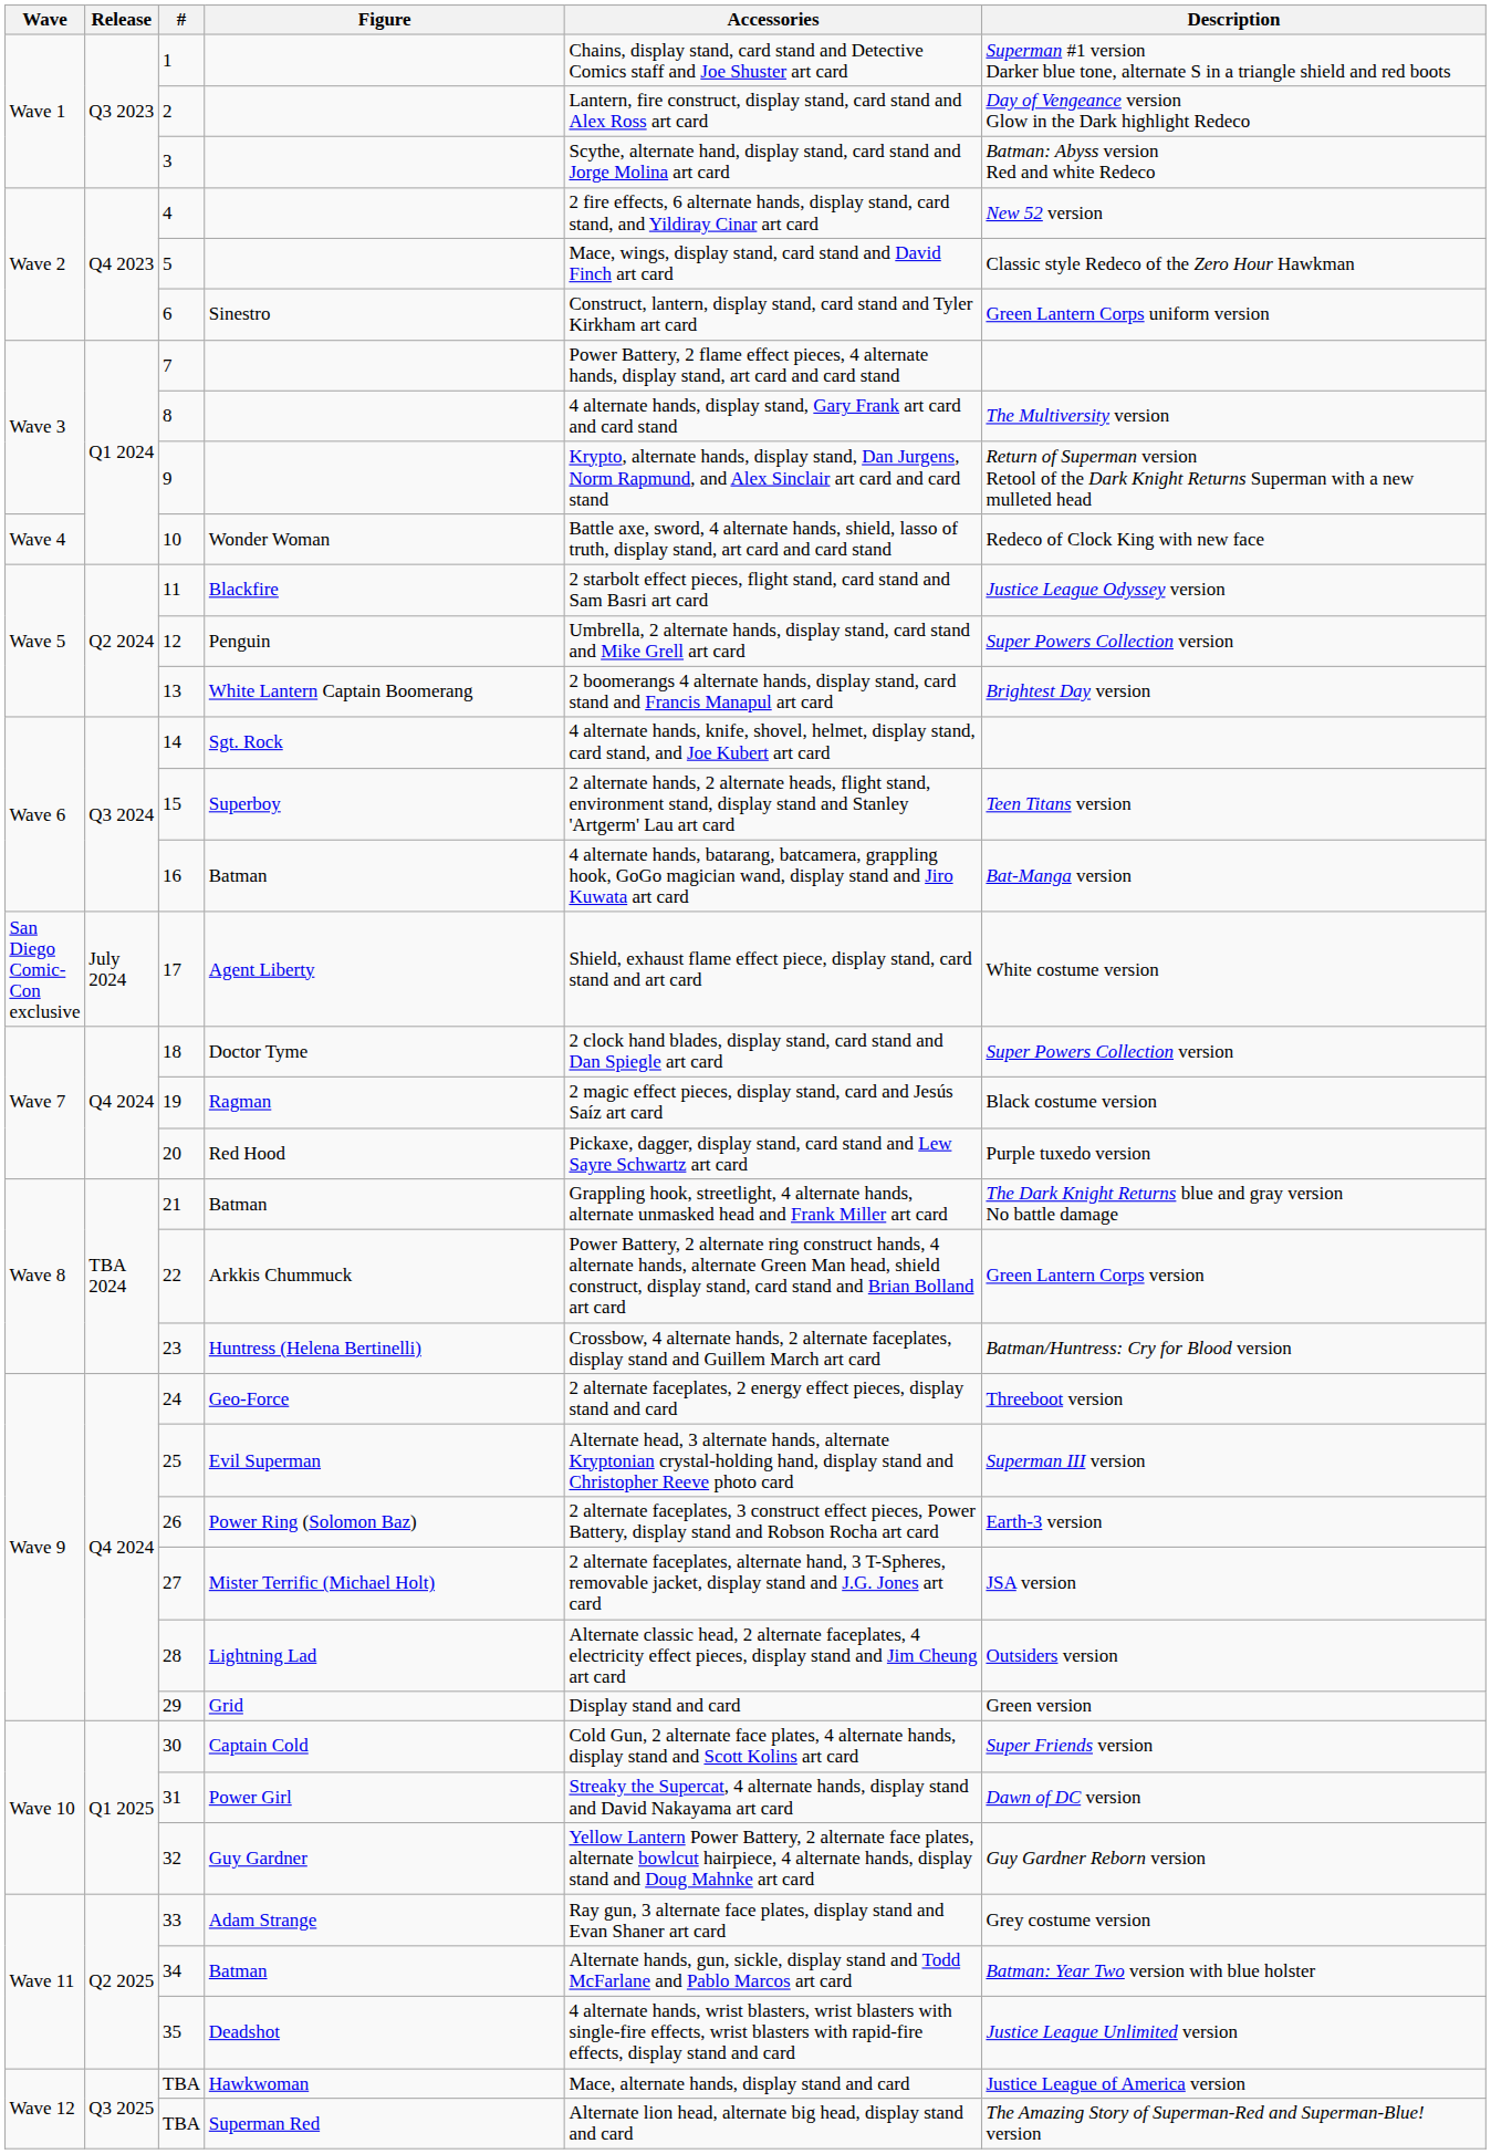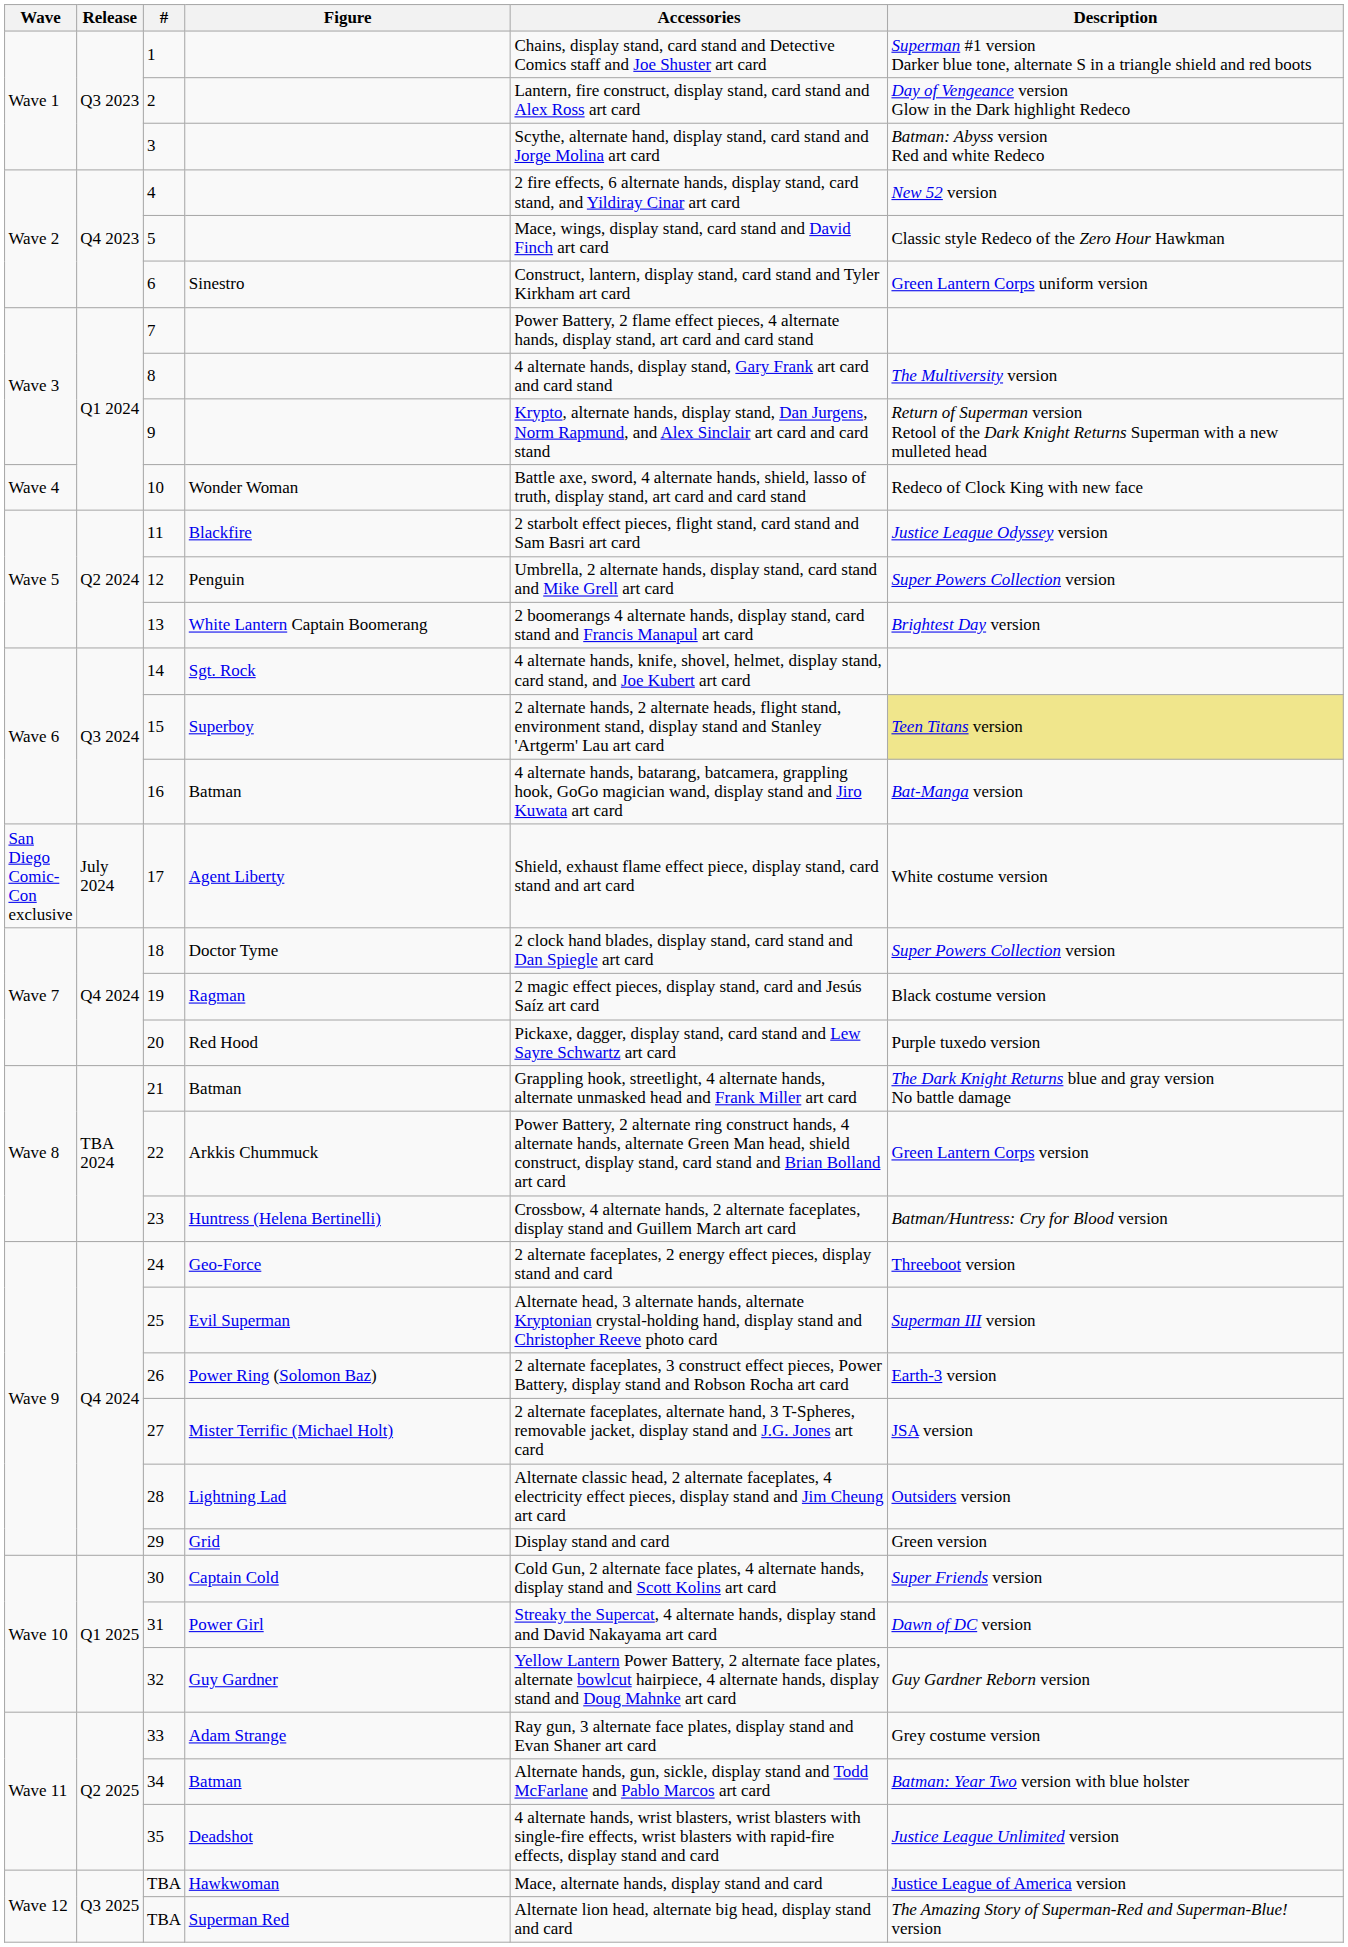 <table class="wikitable" style="width:100%;">
 <tr>
 <th width=5%!scope="col">Wave</th>
 <th width=5%!scope="col">Release</th>
 <th width=1%!scope="col">#</th>
 <th width=25%!scope="col">Figure</th>
 <th width=29%!scope="col">Accessories</th>
 <th width=35%!scope="col">Description</th>
 </tr>
 <tr>
 <td rowspan=3>Wave 1</td>
 <td rowspan=3>Q3 2023</td>
 <td>1</td>
 <td></td>
 <td>Chains, display stand, card stand and Detective Comics staff and <a href='#'>Joe Shuster</a> art card</td>
 <td><em><a href='#'>Superman</a></em> #1 version<br>Darker blue tone, alternate S in a triangle shield and red boots</td>
 </tr>
 <tr>
 <td>2</td>
 <td></td>
 <td>Lantern, fire construct, display stand, card stand and <a href='#'>Alex Ross</a> art card</td>
 <td><em><a href='#'>Day of Vengeance</a></em> version<br>Glow in the Dark highlight Redeco</td>
 </tr>
 <tr>
 <td>3</td>
 <td></td>
 <td>Scythe, alternate hand, display stand, card stand and <a href='#'>Jorge Molina</a> art card</td>
 <td><em>Batman: Abyss</em> version<br>Red and white Redeco</td>
 </tr>
 <tr>
 <td rowspan=3>Wave 2</td>
 <td rowspan=3>Q4 2023</td>
 <td>4</td>
 <td></td>
 <td>2 fire effects, 6 alternate hands, display stand, card stand, and <a href='#'>Yildiray Cinar</a> art card</td>
 <td><em><a href='#'>New 52</a></em> version</td>
 </tr>
 <tr>
 <td>5</td>
 <td></td>
 <td>Mace, wings, display stand, card stand and <a href='#'>David Finch</a> art card</td>
 <td>Classic style Redeco of the <em>Zero Hour</em> Hawkman</td>
 </tr>
 <tr>
 <td>6</td>
 <td>Sinestro</td>
 <td>Construct, lantern, display stand, card stand and Tyler Kirkham art card</td>
 <td><a href='#'>Green Lantern Corps</a> uniform version</td>
 </tr>
 <tr>
 <td rowspan=3>Wave 3</td>
 <td rowspan=4>Q1 2024</td>
 <td>7</td>
 <td></td>
 <td>Power Battery, 2 flame effect pieces, 4 alternate hands, display stand, art card and card stand</td>
 <td></td>
 </tr>
 <tr>
 <td>8</td>
 <td></td>
 <td>4 alternate hands, display stand, <a href='#'>Gary Frank</a> art card and card stand</td>
 <td><em><a href='#'>The Multiversity</a></em> version</td>
 </tr>
 <tr>
 <td>9</td>
 <td></td>
 <td><a href='#'>Krypto</a>, alternate hands, display stand, <a href='#'>Dan Jurgens</a>, <a href='#'>Norm Rapmund</a>, and <a href='#'>Alex Sinclair</a> art card and card stand</td>
 <td><em>Return of Superman</em> version<br>Retool of the <em>Dark Knight Returns</em> Superman with a new mulleted head</td>
 </tr>
 <tr>
 <td>Wave 4</td>
 <td>10</td>
 <td>Wonder Woman</td>
 <td>Battle axe, sword, 4 alternate hands, shield, lasso of truth, display stand, art card and card stand</td>
 <td>Redeco of Clock King with new face</td>
 </tr>
 <tr>
 <td rowspan=3>Wave 5</td>
 <td rowspan=3>Q2 2024</td>
 <td>11</td>
 <td><a href='#'>Blackfire</a></td>
 <td>2 starbolt effect pieces, flight stand, card stand and Sam Basri art card</td>
 <td><em><a href='#'>Justice League Odyssey</a></em> version</td>
 </tr>
 <tr>
 <td>12</td>
 <td>Penguin</td>
 <td>Umbrella, 2 alternate hands, display stand, card stand and <a href='#'>Mike Grell</a> art card</td>
 <td><em><a href='#'>Super Powers Collection</a></em> version</td>
 </tr>
 <tr>
 <td>13</td>
 <td><a href='#'>White Lantern</a> Captain Boomerang</td>
 <td>2 boomerangs 4 alternate hands, display stand, card stand and <a href='#'>Francis Manapul</a> art card</td>
 <td><em><a href='#'>Brightest Day</a></em> version</td>
 </tr>
 <tr>
 <td rowspan=3>Wave 6</td>
 <td rowspan=3>Q3 2024</td>
 <td>14</td>
 <td><a href='#'>Sgt. Rock</a></td>
 <td>4 alternate hands, knife, shovel, helmet, display stand, card stand, and <a href='#'>Joe Kubert</a> art card</td>
 <td></td>
 </tr>
 <tr>
 <td>15</td>
 <td><a href='#'>Superboy</a></td>
 <td>2 alternate hands, 2 alternate heads, flight stand, environment stand, display stand and Stanley 'Artgerm' Lau art card</td>
-<td><em><a href='#'>Teen Titans</a></em> version</td>
+<td style="background: khaki;"><em><a href='#'>Teen Titans</a></em> version</td>
 </tr>
 <tr>
 <td>16</td>
 <td>Batman</td>
 <td>4 alternate hands, batarang, batcamera, grappling hook, GoGo magician wand, display stand and <a href='#'>Jiro Kuwata</a> art card</td>
 <td><em><a href='#'>Bat-Manga</a></em> version</td>
 </tr>
 <tr>
 <td><a href='#'>San Diego Comic-Con</a> exclusive</td>
 <td>July 2024</td>
 <td>17</td>
 <td><a href='#'>Agent Liberty</a></td>
 <td>Shield, exhaust flame effect piece, display stand, card stand and art card</td>
 <td>White costume version</td>
 </tr>
 <tr>
 <td rowspan=3>Wave 7</td>
 <td rowspan=3>Q4 2024</td>
 <td>18</td>
 <td>Doctor Tyme</td>
 <td>2 clock hand blades, display stand, card stand and <a href='#'>Dan Spiegle</a> art card</td>
 <td><em><a href='#'>Super Powers Collection</a></em> version</td>
 </tr>
 <tr>
 <td>19</td>
 <td><a href='#'>Ragman</a></td>
 <td>2 magic effect pieces, display stand, card and Jesús Saíz art card</td>
 <td>Black costume version</td>
 </tr>
 <tr>
 <td>20</td>
 <td>Red Hood</td>
 <td>Pickaxe, dagger, display stand, card stand and <a href='#'>Lew Sayre Schwartz</a> art card</td>
 <td>Purple tuxedo version</td>
 </tr>
 <tr>
 <td rowspan=3>Wave 8</td>
 <td rowspan=3>TBA 2024</td>
 <td>21</td>
 <td>Batman</td>
 <td>Grappling hook, streetlight, 4 alternate hands, alternate unmasked head and <a href='#'>Frank Miller</a> art card</td>
 <td><em><a href='#'>The Dark Knight Returns</a></em> blue and gray version<br>No battle damage</td>
 </tr>
 <tr>
 <td>22</td>
 <td>Arkkis Chummuck</td>
 <td>Power Battery, 2 alternate ring construct hands, 4 alternate hands, alternate Green Man head, shield construct, display stand, card stand and <a href='#'>Brian Bolland</a> art card</td>
 <td><a href='#'>Green Lantern Corps</a> version</td>
 </tr>
 <tr>
 <td>23</td>
 <td><a href='#'>Huntress (Helena Bertinelli)</a></td>
 <td>Crossbow, 4 alternate hands, 2 alternate faceplates, display stand and Guillem March art card</td>
 <td><em>Batman/Huntress: Cry for Blood</em> version</td>
 </tr>
 <tr>
 <td rowspan=6>Wave 9</td>
 <td rowspan=6>Q4 2024</td>
 <td>24</td>
 <td><a href='#'>Geo-Force</a></td>
 <td>2 alternate faceplates, 2 energy effect pieces, display stand and card</td>
 <td><a href='#'>Threeboot</a> version</td>
 </tr>
 <tr>
 <td>25</td>
 <td><a href='#'>Evil Superman</a></td>
 <td>Alternate head, 3 alternate hands, alternate <a href='#'>Kryptonian</a> crystal-holding hand, display stand and <a href='#'>Christopher Reeve</a> photo card</td>
 <td><em><a href='#'>Superman III</a></em> version</td>
 </tr>
 <tr>
 <td>26</td>
 <td><a href='#'>Power Ring</a> (<a href='#'>Solomon Baz</a>)</td>
 <td>2 alternate faceplates, 3 construct effect pieces, Power Battery, display stand and Robson Rocha art card</td>
 <td><a href='#'>Earth-3</a> version</td>
 </tr>
 <tr>
 <td>27</td>
 <td><a href='#'>Mister Terrific (Michael Holt)</a></td>
 <td>2 alternate faceplates, alternate hand, 3 T-Spheres, removable jacket, display stand and <a href='#'>J.G. Jones</a> art card</td>
 <td><a href='#'>JSA</a> version</td>
 </tr>
 <tr>
 <td>28</td>
 <td><a href='#'>Lightning Lad</a></td>
 <td>Alternate classic head, 2 alternate faceplates, 4 electricity effect pieces, display stand and <a href='#'>Jim Cheung</a> art card</td>
 <td><a href='#'>Outsiders</a> version</td>
 </tr>
 <tr>
 <td>29</td>
 <td><a href='#'>Grid</a></td>
 <td>Display stand and card</td>
 <td>Green version</td>
 </tr>
 <tr>
 <td rowspan=3>Wave 10</td>
 <td rowspan=3>Q1 2025</td>
 <td>30</td>
 <td><a href='#'>Captain Cold</a></td>
 <td>Cold Gun, 2 alternate face plates, 4 alternate hands, display stand and <a href='#'>Scott Kolins</a> art card</td>
 <td><em><a href='#'>Super Friends</a></em> version</td>
 </tr>
 <tr>
 <td>31</td>
 <td><a href='#'>Power Girl</a></td>
 <td><a href='#'>Streaky the Supercat</a>, 4 alternate hands, display stand and David Nakayama art card</td>
 <td><em><a href='#'>Dawn of DC</a></em> version</td>
 </tr>
 <tr>
 <td>32</td>
 <td><a href='#'>Guy Gardner</a></td>
 <td><a href='#'>Yellow Lantern</a> Power Battery, 2 alternate face plates, alternate <a href='#'>bowlcut</a> hairpiece, 4 alternate hands, display stand and <a href='#'>Doug Mahnke</a> art card</td>
 <td><em>Guy Gardner Reborn</em> version</td>
 </tr>
 <tr>
 <td rowspan=3>Wave 11</td>
 <td rowspan=3>Q2 2025</td>
 <td>33</td>
 <td><a href='#'>Adam Strange</a></td>
 <td>Ray gun, 3 alternate face plates, display stand and Evan Shaner art card</td>
 <td>Grey costume version</td>
 </tr>
 <tr>
 <td>34</td>
 <td><a href='#'>Batman</a></td>
 <td>Alternate hands, gun, sickle, display stand and <a href='#'>Todd McFarlane</a> and <a href='#'>Pablo Marcos</a> art card</td>
 <td><em><a href='#'>Batman: Year Two</a></em> version with blue holster</td>
 </tr>
 <tr>
 <td>35</td>
 <td><a href='#'>Deadshot</a></td>
 <td>4 alternate hands, wrist blasters, wrist blasters with single-fire effects, wrist blasters with rapid-fire effects, display stand and card</td>
 <td><em><a href='#'>Justice League Unlimited</a></em> version</td>
 </tr>
 <tr>
 <td rowspan=2>Wave 12</td>
 <td rowspan=2>Q3 2025</td>
 <td>TBA</td>
 <td><a href='#'>Hawkwoman</a></td>
 <td>Mace, alternate hands, display stand and card</td>
 <td><a href='#'>Justice League of America</a> version</td>
 </tr>
 <tr>
 <td>TBA</td>
 <td><a href='#'>Superman Red</a></td>
 <td>Alternate lion head, alternate big head, display stand and card</td>
 <td><em>The Amazing Story of Superman-Red and Superman-Blue!</em> version</td>
 </tr>
 </table>
